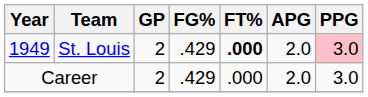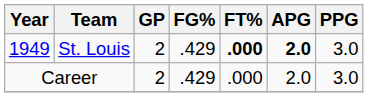 <table class="wikitable sortable" style="font-size:95%; text-align:right;">
 <tr>
 <th>Year</th>
 <th>Team</th>
 <th>GP</th>
 <th>FG%</th>
 <th>FT%</th>
 <th>APG</th>
 <th>PPG</th>
 </tr>
 <tr>
 <td style="text-align:left;"><a href='#'>1949</a></td>
 <td style="text-align:left;"><a href='#'>St. Louis</a></td>
 <td>2</td>
 <td>.429</td>
 <td><strong>.000</strong></td>
-<td>2.0</td>
-<td style="background: pink;">3.0</td>
+<td><strong>2.0</strong></td>
+<td>3.0</td>
 </tr>
 <tr>
 <td style="text-align:center;" colspan="2">Career</td>
 <td>2</td>
 <td>.429</td>
 <td>.000</td>
 <td>2.0</td>
 <td>3.0</td>
 </tr>
 <tr>
 </tr>
 </table>
